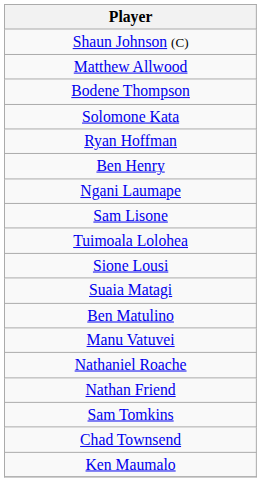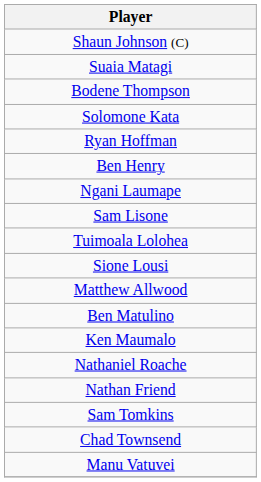 <table class="wikitable" style="text-align: center;">
 <tr>
 <th style="width:250px;">Player</th>
 </tr>
 <tr>
 <td><a href='#'>Shaun Johnson</a> <small>(C)</small></td>
 </tr>
 <tr>
-<td><a href='#'>Matthew Allwood</a></td>
+<td><a href='#'>Suaia Matagi</a></td>
 </tr>
 <tr>
 <td><a href='#'>Bodene Thompson</a></td>
 </tr>
 <tr>
 <td><a href='#'>Solomone Kata</a></td>
 </tr>
 <tr>
 <td><a href='#'>Ryan Hoffman</a></td>
 </tr>
 <tr>
 <td><a href='#'>Ben Henry</a></td>
 </tr>
 <tr>
 <td><a href='#'>Ngani Laumape</a></td>
 </tr>
 <tr>
 <td><a href='#'>Sam Lisone</a></td>
 </tr>
 <tr>
 <td><a href='#'>Tuimoala Lolohea</a></td>
 </tr>
 <tr>
 <td><a href='#'>Sione Lousi</a></td>
 </tr>
 <tr>
-<td><a href='#'>Suaia Matagi</a></td>
+<td><a href='#'>Matthew Allwood</a></td>
 </tr>
 <tr>
 <td><a href='#'>Ben Matulino</a></td>
 </tr>
 <tr>
-<td><a href='#'>Manu Vatuvei</a></td>
+<td><a href='#'>Ken Maumalo</a></td>
 </tr>
 <tr>
 <td><a href='#'>Nathaniel Roache</a></td>
 </tr>
 <tr>
 <td><a href='#'>Nathan Friend</a></td>
 </tr>
 <tr>
 <td><a href='#'>Sam Tomkins</a></td>
 </tr>
 <tr>
 <td><a href='#'>Chad Townsend</a></td>
 </tr>
 <tr>
-<td><a href='#'>Ken Maumalo</a></td>
+<td><a href='#'>Manu Vatuvei</a></td>
 </tr>
 <tr>
 </tr>
 </table>
